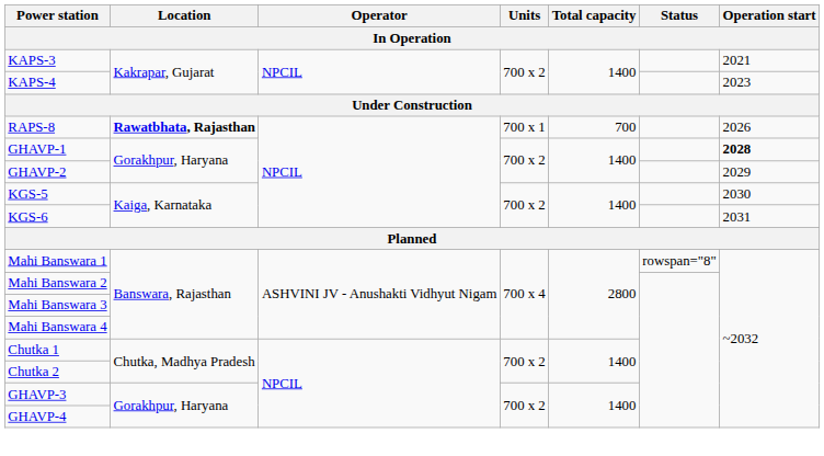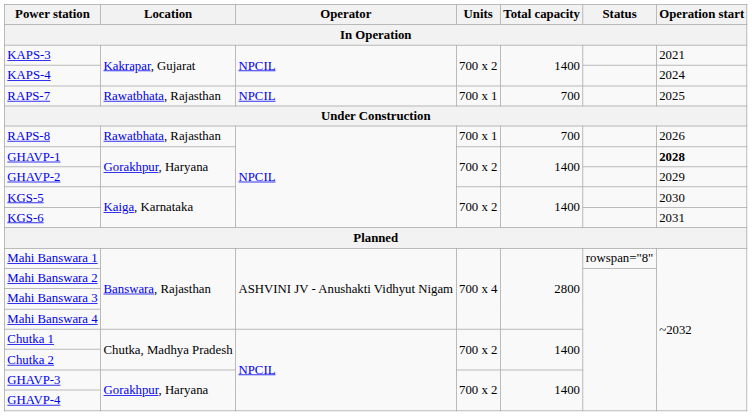 <table class="wikitable">
 <tr>
 <th>Power station</th>
 <th>Location</th>
 <th>Operator</th>
 <th>Units</th>
 <th data-sort-type="numeric">Total capacity<br></th>
 <th>Status</th>
 <th>Operation start</th>
 </tr>
 <tr>
 <th colspan=7>In Operation</th>
 </tr>
 <tr>
 <td><a href='#'>KAPS-3</a></td>
 <td rowspan='2'><a href='#'>Kakrapar</a>, Gujarat</td>
 <td rowspan='2'><a href='#'>NPCIL</a></td>
 <td rowspan='2' align="center">700 x 2</td>
 <td rowspan='2' align="right">1400</td>
 <td></td>
 <td>2021</td>
 </tr>
 <tr>
 <td><a href='#'>KAPS-4</a></td>
 <td></td>
-<td>2023</td>
+<td>2024</td>
+</tr>
+<tr>
+<td><a href='#'>RAPS-7</a></td>
+<td><a href='#'>Rawatbhata</a>, Rajasthan</td>
+<td><a href='#'>NPCIL</a></td>
+<td align="center">700 x 1</td>
+<td align="right">700</td>
+<td></td>
+<td rowspan="1">2025</td>
 </tr>
 <tr>
 <th colspan=7>Under Construction</th>
 </tr>
 <tr>
 <td><a href='#'>RAPS-8</a></td>
-<td rowspan="1"><strong><a href='#'>Rawatbhata</a>, Rajasthan</strong></td>
+<td rowspan="1"><a href='#'>Rawatbhata</a>, Rajasthan</td>
 <td rowspan="5"><a href='#'>NPCIL</a></td>
 <td rowspan="1">700 x 1</td>
 <td rowspan="1" align="right">700</td>
 <td></td>
 <td rowspan"1">2026</td>
 </tr>
 <tr>
 <td><a href='#'>GHAVP-1</a></td>
 <td rowspan="2"><a href='#'>Gorakhpur</a>, Haryana</td>
 <td rowspan="2">700 x 2</td>
 <td rowspan="2" align="right">1400</td>
 <td></td>
 <td><strong>2028</strong></td>
 </tr>
 <tr>
 <td><a href='#'>GHAVP-2</a></td>
 <td></td>
 <td>2029</td>
 </tr>
 <tr>
 <td><a href='#'>KGS-5</a></td>
 <td rowspan="2"><a href='#'>Kaiga</a>, Karnataka</td>
 <td rowspan="2" align="center">700 x 2</td>
 <td rowspan="2" align="right">1400</td>
 <td></td>
 <td>2030</td>
 </tr>
 <tr>
 <td><a href='#'>KGS-6</a></td>
 <td></td>
 <td>2031</td>
 </tr>
 <tr>
 <th colspan=7>Planned </th>
 </tr>
 <tr>
 <td><a href='#'>Mahi Banswara 1</a></td>
 <td rowspan="4"><a href='#'>Banswara</a>, Rajasthan</td>
 <td rowspan="4">ASHVINI JV - Anushakti Vidhyut Nigam</td>
 <td rowspan="4" align="center">700 x 4</td>
 <td rowspan="4" align="right">2800</td>
 <td>rowspan="8" </td>
 <td rowspan="8">~2032</td>
 </tr>
 <tr>
 <td><a href='#'>Mahi Banswara 2</a></td>
 </tr>
 <tr>
 <td><a href='#'>Mahi Banswara 3</a></td>
 </tr>
 <tr>
 <td><a href='#'>Mahi Banswara 4</a></td>
 </tr>
 <tr>
 <td><a href='#'>Chutka 1</a></td>
 <td rowspan="2">Chutka, Madhya Pradesh</td>
 <td rowspan="4"><a href='#'>NPCIL</a></td>
 <td rowspan="2" align="center">700 x 2</td>
 <td rowspan="2" align="right">1400</td>
 </tr>
 <tr>
 <td><a href='#'>Chutka 2</a></td>
 </tr>
 <tr>
 <td><a href='#'>GHAVP-3</a></td>
 <td rowspan="2"><a href='#'>Gorakhpur</a>, Haryana</td>
 <td rowspan="2">700 x 2</td>
 <td rowspan="2" align="right">1400</td>
 </tr>
 <tr>
 <td><a href='#'>GHAVP-4</a></td>
 </tr>
 </table>
